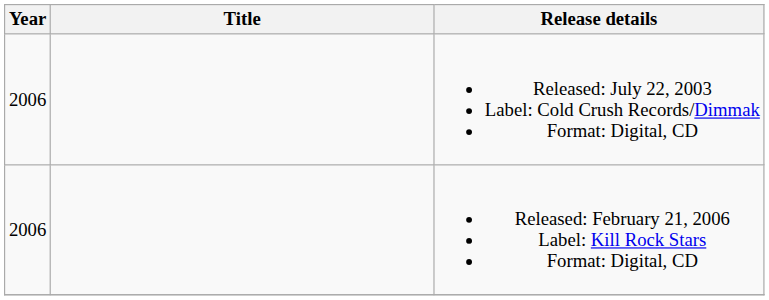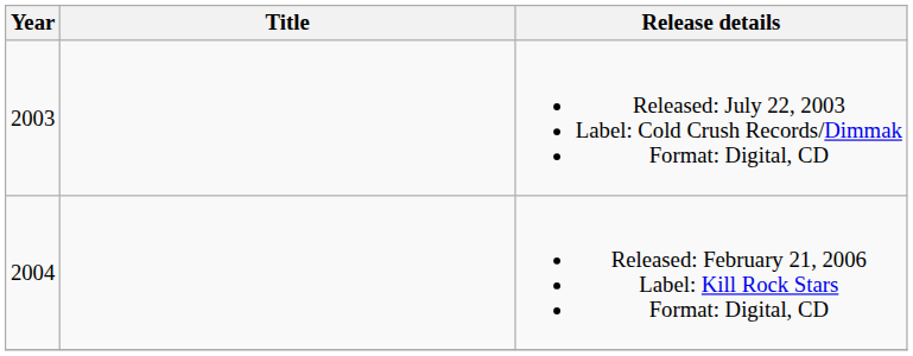 <table class="wikitable plainrowheaders" style="text-align:center;">
 <tr>
 <th>Year</th>
 <th scope="col" rowspan="1" style="width:20em;">Title</th>
 <th scope="col" rowspan="1;">Release details</th>
 </tr>
 <tr>
-<td>2006</td>
+<td>2003</td>
 <td></td>
 <td><br><ul><li>Released: July 22, 2003</li><li>Label: Cold Crush Records/<a href='#'>Dimmak</a></li><li>Format: Digital, CD</li></ul></td>
 </tr>
 <tr>
-<td>2006</td>
+<td>2004</td>
 <td></td>
 <td><br><ul><li>Released: February 21, 2006</li><li>Label: <a href='#'>Kill Rock Stars</a></li><li>Format: Digital, CD</li></ul></td>
 </tr>
 <tr>
 </tr>
 </table>
